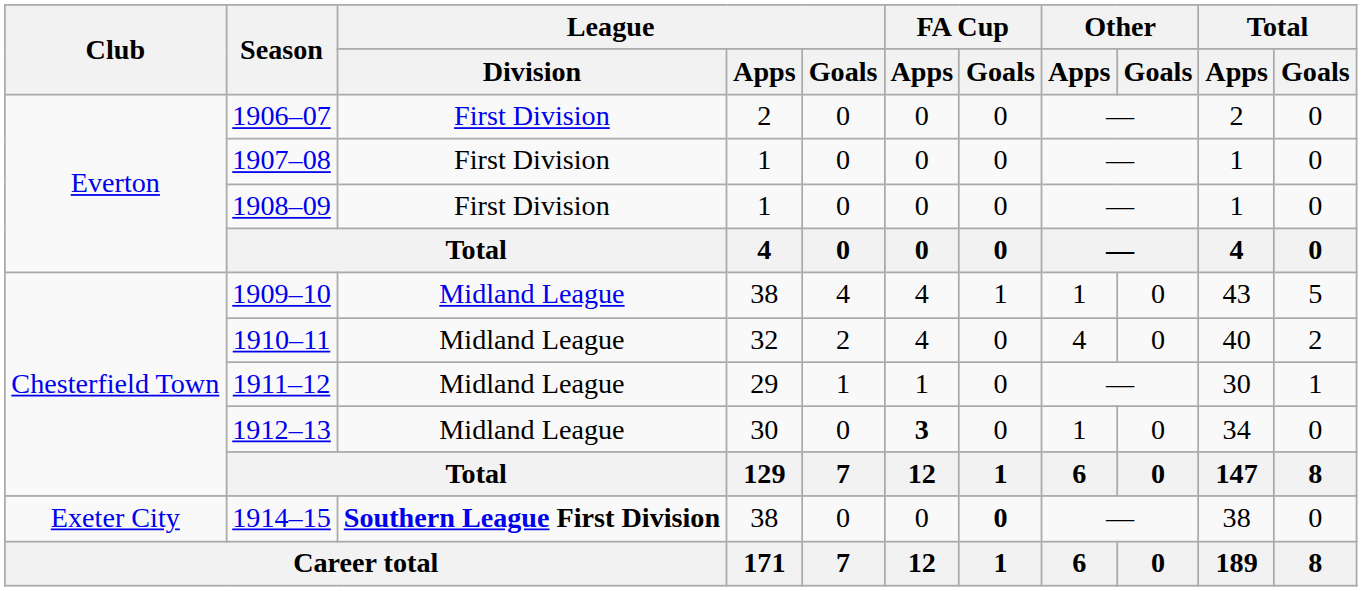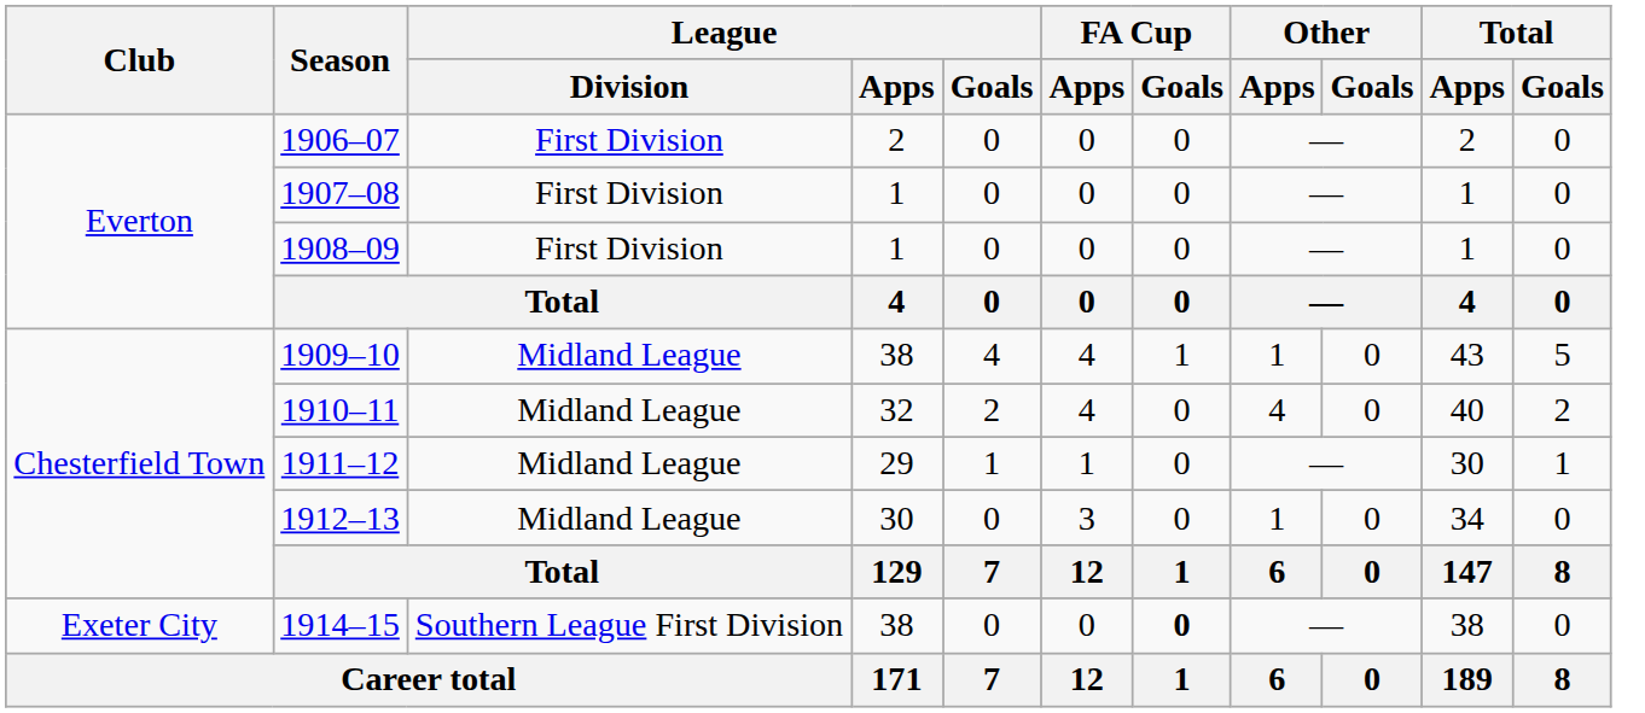 <table class="wikitable" style="text-align: center;">
 <tr>
 <th rowspan="2">Club</th>
 <th rowspan="2">Season</th>
 <th colspan="3">League</th>
 <th colspan="2">FA Cup</th>
 <th colspan="2">Other</th>
 <th colspan="2">Total</th>
 </tr>
 <tr>
 <th>Division</th>
 <th>Apps</th>
 <th>Goals</th>
 <th>Apps</th>
 <th>Goals</th>
 <th>Apps</th>
 <th>Goals</th>
 <th>Apps</th>
 <th>Goals</th>
 </tr>
 <tr>
 <td rowspan="4"><a href='#'>Everton</a></td>
 <td><a href='#'>1906–07</a></td>
 <td><a href='#'>First Division</a></td>
 <td>2</td>
 <td>0</td>
 <td>0</td>
 <td>0</td>
 <td colspan="2">—</td>
 <td>2</td>
 <td>0</td>
 </tr>
 <tr>
 <td><a href='#'>1907–08</a></td>
 <td>First Division</td>
 <td>1</td>
 <td>0</td>
 <td>0</td>
 <td>0</td>
 <td colspan="2">—</td>
 <td>1</td>
 <td>0</td>
 </tr>
 <tr>
 <td><a href='#'>1908–09</a></td>
 <td>First Division</td>
 <td>1</td>
 <td>0</td>
 <td>0</td>
 <td>0</td>
 <td colspan="2">—</td>
 <td>1</td>
 <td>0</td>
 </tr>
 <tr>
 <th colspan="2">Total</th>
 <th>4</th>
 <th>0</th>
 <th>0</th>
 <th>0</th>
 <th colspan="2">—</th>
 <th>4</th>
 <th>0</th>
 </tr>
 <tr>
 <td rowspan="5"><a href='#'>Chesterfield Town</a></td>
 <td><a href='#'>1909–10</a></td>
 <td><a href='#'>Midland League</a></td>
 <td>38</td>
 <td>4</td>
 <td>4</td>
 <td>1</td>
 <td>1</td>
 <td>0</td>
 <td>43</td>
 <td>5</td>
 </tr>
 <tr>
 <td><a href='#'>1910–11</a></td>
 <td>Midland League</td>
 <td>32</td>
 <td>2</td>
 <td>4</td>
 <td>0</td>
 <td>4</td>
 <td>0</td>
 <td>40</td>
 <td>2</td>
 </tr>
 <tr>
 <td><a href='#'>1911–12</a></td>
 <td>Midland League</td>
 <td>29</td>
 <td>1</td>
 <td>1</td>
 <td>0</td>
 <td colspan="2">—</td>
 <td>30</td>
 <td>1</td>
 </tr>
 <tr>
 <td><a href='#'>1912–13</a></td>
 <td>Midland League</td>
 <td>30</td>
 <td>0</td>
-<td><strong>3</strong></td>
+<td>3</td>
 <td>0</td>
 <td>1</td>
 <td>0</td>
 <td>34</td>
 <td>0</td>
 </tr>
 <tr>
 <th colspan="2">Total</th>
 <th>129</th>
 <th>7</th>
 <th>12</th>
 <th>1</th>
 <th>6</th>
 <th>0</th>
 <th>147</th>
 <th>8</th>
 </tr>
 <tr>
 <td><a href='#'>Exeter City</a></td>
 <td><a href='#'>1914–15</a></td>
-<td><strong><a href='#'>Southern League</a> First Division</strong></td>
+<td><a href='#'>Southern League</a> First Division</td>
 <td>38</td>
 <td>0</td>
 <td>0</td>
 <td><strong>0</strong></td>
 <td colspan="2">—</td>
 <td>38</td>
 <td>0</td>
 </tr>
 <tr>
 <th colspan="3">Career total</th>
 <th>171</th>
 <th>7</th>
 <th>12</th>
 <th>1</th>
 <th>6</th>
 <th>0</th>
 <th>189</th>
 <th>8</th>
 </tr>
 </table>
